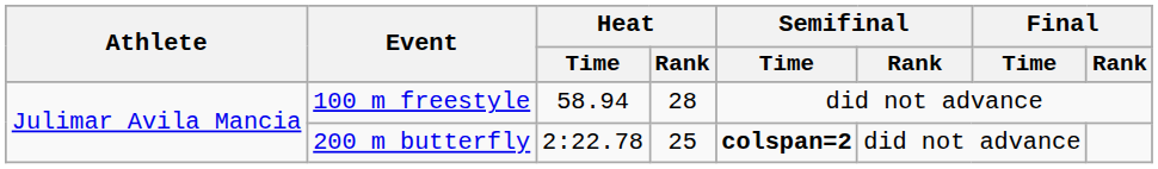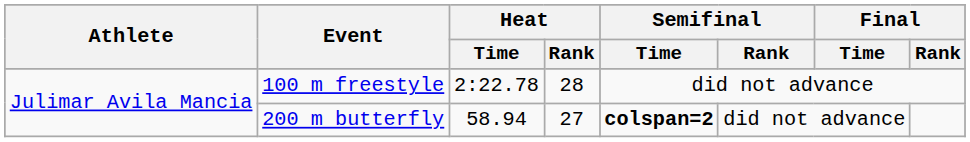 <table class=wikitable style="font-size:90%">
 <tr>
 <th rowspan=2>Athlete</th>
 <th rowspan=2>Event</th>
 <th colspan="2">Heat</th>
 <th colspan="2">Semifinal</th>
 <th colspan="2">Final</th>
 </tr>
 <tr style="font-size:95%">
 <th>Time</th>
 <th>Rank</th>
 <th>Time</th>
 <th>Rank</th>
 <th>Time</th>
 <th>Rank</th>
 </tr>
 <tr align=center>
 <td align=left rowspan=2><a href='#'>Julimar Avila Mancia</a></td>
 <td align=left><a href='#'>100 m freestyle</a></td>
-<td>58.94</td>
+<td>2:22.78</td>
 <td>28</td>
 <td colspan=4>did not advance</td>
 </tr>
 <tr align=center>
 <td align=left><a href='#'>200 m butterfly</a></td>
-<td>2:22.78</td>
-<td>25</td>
+<td>58.94</td>
+<td>27</td>
 <td><strong>colspan=2 </strong></td>
 <td colspan=2>did not advance</td>
 </tr>
 </table>
